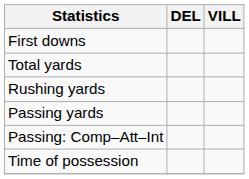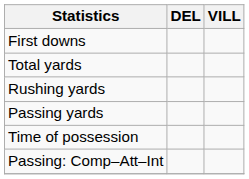 <table class="wikitable" style="float: left;">
 <tr>
 <th>Statistics</th>
 <th>DEL</th>
 <th>VILL</th>
 </tr>
 <tr>
 <td>First downs</td>
 <td></td>
 <td></td>
 </tr>
 <tr>
 <td>Total yards</td>
 <td></td>
 <td></td>
 </tr>
 <tr>
 <td>Rushing yards</td>
 <td></td>
 <td></td>
 </tr>
 <tr>
 <td>Passing yards</td>
 <td></td>
 <td></td>
 </tr>
 <tr>
-<td>Passing: Comp–Att–Int</td>
+<td>Time of possession</td>
 <td></td>
 <td></td>
 </tr>
 <tr>
-<td>Time of possession</td>
+<td>Passing: Comp–Att–Int</td>
 <td></td>
 <td></td>
 </tr>
 <tr>
 </tr>
 </table>
